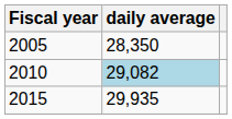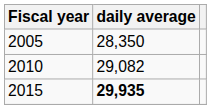 <table class="wikitable">
 <tr>
 <th>Fiscal year</th>
 <th>daily average</th>
 <th></th>
 </tr>
 <tr>
 <td>2005</td>
 <td>28,350</td>
 <td></td>
 </tr>
 <tr>
 <td>2010</td>
-<td style="background: lightblue;">29,082</td>
+<td>29,082</td>
 <td></td>
 </tr>
 <tr>
 <td>2015</td>
-<td>29,935</td>
+<td><strong>29,935</strong></td>
 <td></td>
 </tr>
 <tr>
 </tr>
 </table>
